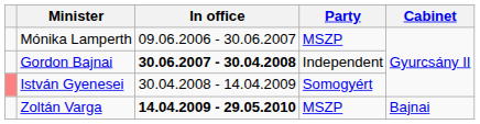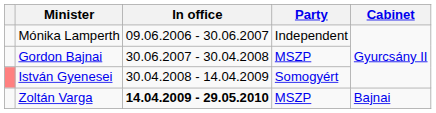 <table class="wikitable">
 <tr>
 <th class="unsortable" width=6px></th>
 <th>Minister</th>
 <th>In office</th>
 <th><a href='#'>Party</a></th>
 <th><a href='#'>Cabinet</a></th>
 </tr>
 <tr>
 <td ! style="background:"></td>
 <td>Mónika Lamperth</td>
 <td>09.06.2006 - 30.06.2007</td>
-<td><a href='#'>MSZP</a></td>
+<td>Independent</td>
 <td rowspan="3"><a href='#'>Gyurcsány II</a></td>
 </tr>
 <tr>
 <td ! style="background:"></td>
 <td><a href='#'>Gordon Bajnai</a></td>
-<td><strong>30.06.2007 - 30.04.2008</strong></td>
-<td>Independent</td>
+<td>30.06.2007 - 30.04.2008</td>
+<td><a href='#'>MSZP</a></td>
 </tr>
 <tr>
 <td ! style="background:#FF8080;"></td>
 <td><a href='#'>István Gyenesei</a></td>
 <td>30.04.2008 - 14.04.2009</td>
 <td><a href='#'>Somogyért</a></td>
 </tr>
 <tr>
 <td ! style="background:"></td>
 <td><a href='#'>Zoltán Varga</a></td>
 <td><strong>14.04.2009 - 29.05.2010</strong></td>
 <td><a href='#'>MSZP</a></td>
 <td><a href='#'>Bajnai</a></td>
 </tr>
 </table>
